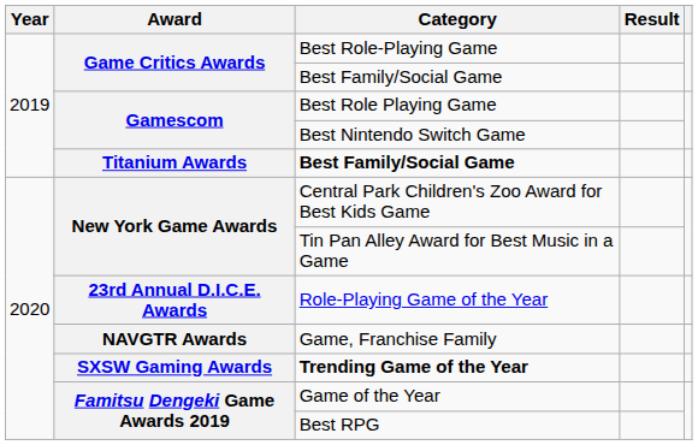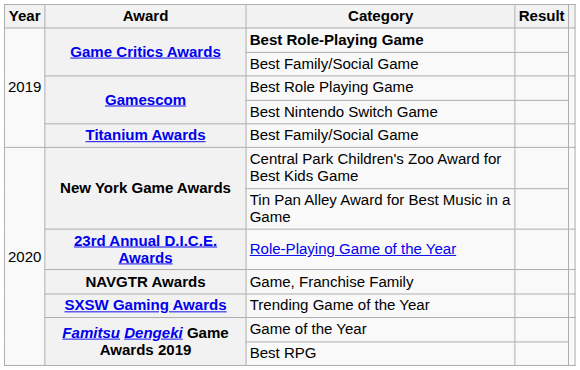 <table class="wikitable sortable mw-collapsible plainrowheaders">
 <tr>
 <th scope="col">Year</th>
 <th scope="col">Award</th>
 <th scope="col">Category</th>
 <th scope="col">Result</th>
 <th scope="col"></th>
 </tr>
 <tr>
 <td rowspan="5" style="text-align:center;">2019</td>
 <th scope="row" rowspan="2"><a href='#'>Game Critics Awards</a></th>
-<td>Best Role-Playing Game</td>
+<td><strong>Best Role-Playing Game</strong></td>
 <td></td>
 <td rowspan="2" style="text-align:center;"></td>
 </tr>
 <tr>
 <td>Best Family/Social Game</td>
 <td></td>
 </tr>
 <tr>
 <th scope="row" rowspan="2"><a href='#'>Gamescom</a></th>
 <td>Best Role Playing Game</td>
 <td></td>
 <td rowspan="2" style="text-align:center;"></td>
 </tr>
 <tr>
 <td>Best Nintendo Switch Game</td>
 <td></td>
 </tr>
 <tr>
 <th scope="row"><a href='#'>Titanium Awards</a></th>
-<td><strong>Best Family/Social Game</strong></td>
+<td>Best Family/Social Game</td>
 <td></td>
 <td style="text-align:center;"></td>
 </tr>
 <tr>
 <td rowspan="7" style="text-align:center;">2020</td>
 <th scope="row" rowspan="2">New York Game Awards</th>
 <td>Central Park Children's Zoo Award for Best Kids Game</td>
 <td></td>
 <td rowspan="2" style="text-align:center;"></td>
 </tr>
 <tr>
 <td>Tin Pan Alley Award for Best Music in a Game</td>
 <td></td>
 </tr>
 <tr>
 <th scope="row"><a href='#'>23rd Annual D.I.C.E. Awards</a></th>
 <td><a href='#'>Role-Playing Game of the Year</a></td>
 <td></td>
 <td style="text-align:center;"></td>
 </tr>
 <tr>
 <th scope="row">NAVGTR Awards</th>
 <td>Game, Franchise Family</td>
 <td></td>
 <td style="text-align:center;"></td>
 </tr>
 <tr>
 <th scope="row"><a href='#'>SXSW Gaming Awards</a></th>
-<td><strong>Trending Game of the Year</strong></td>
+<td>Trending Game of the Year</td>
 <td></td>
 <td style="text-align:center;"></td>
 </tr>
 <tr>
 <th scope="row" rowspan="2"><em><a href='#'>Famitsu</a></em> <em><a href='#'>Dengeki</a></em> Game Awards 2019</th>
 <td>Game of the Year</td>
 <td></td>
 <td rowspan="2" style="text-align:center;"></td>
 </tr>
 <tr>
 <td>Best RPG</td>
 <td></td>
 </tr>
 </table>
